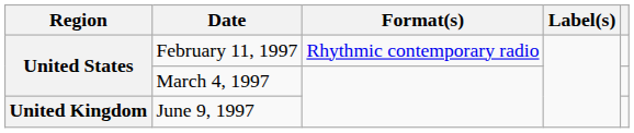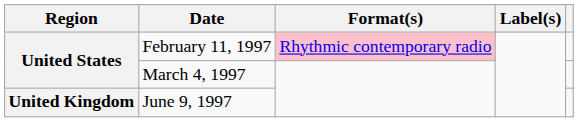 <table class="wikitable plainrowheaders">
 <tr>
 <th scope="col">Region</th>
 <th scope="col">Date</th>
 <th scope="col">Format(s)</th>
 <th scope="col">Label(s)</th>
 <th scope="col"></th>
 </tr>
 <tr>
 <th scope="row" rowspan="2">United States</th>
 <td>February 11, 1997</td>
-<td><a href='#'>Rhythmic contemporary radio</a></td>
+<td style="background: pink;"><a href='#'>Rhythmic contemporary radio</a></td>
 <td rowspan="3"></td>
 <td></td>
 </tr>
 <tr>
 <td>March 4, 1997</td>
 <td rowspan="2"></td>
 <td></td>
 </tr>
 <tr>
 <th scope="row">United Kingdom</th>
 <td>June 9, 1997</td>
 <td></td>
 </tr>
 </table>
